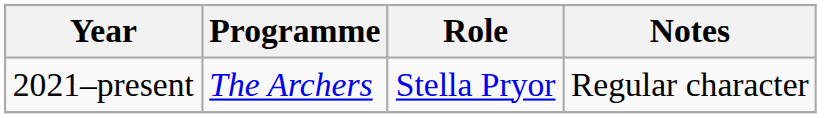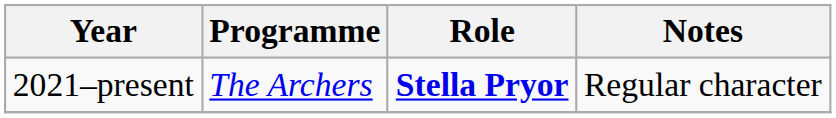 <table class="wikitable">
 <tr>
 <th>Year</th>
 <th>Programme</th>
 <th>Role</th>
 <th>Notes</th>
 </tr>
 <tr>
 <td>2021–present</td>
 <td><em><a href='#'>The Archers</a></em></td>
-<td><a href='#'>Stella Pryor</a></td>
+<td><strong><a href='#'>Stella Pryor</a></strong></td>
 <td>Regular character</td>
 </tr>
 <tr>
 </tr>
 </table>
